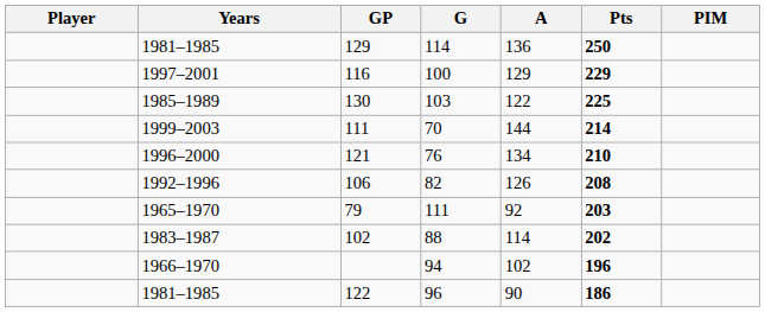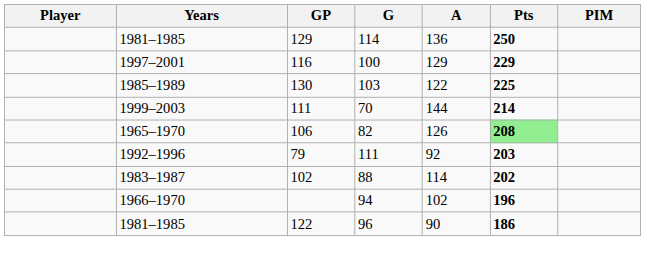 <table class="wikitable sortable" width ="700" cellpadding="1" border="1" cellspacing="0">
 <tr>
 <th>Player</th>
 <th>Years</th>
 <th>GP</th>
 <th>G</th>
 <th>A</th>
 <th>Pts</th>
 <th>PIM</th>
 </tr>
 <tr>
 <td></td>
 <td>1981–1985</td>
 <td>129</td>
 <td>114</td>
 <td>136</td>
 <td><strong>250</strong></td>
 <td></td>
 </tr>
 <tr>
 <td></td>
 <td>1997–2001</td>
 <td>116</td>
 <td>100</td>
 <td>129</td>
 <td><strong>229</strong></td>
 <td></td>
 </tr>
 <tr>
 <td></td>
 <td>1985–1989</td>
 <td>130</td>
 <td>103</td>
 <td>122</td>
 <td><strong>225</strong></td>
 <td></td>
 </tr>
 <tr>
 <td></td>
 <td>1999–2003</td>
 <td>111</td>
 <td>70</td>
 <td>144</td>
 <td><strong>214</strong></td>
 <td></td>
 </tr>
 <tr>
 <td></td>
-<td>1996–2000</td>
-<td>121</td>
-<td>76</td>
-<td>134</td>
-<td><strong>210</strong></td>
+<td>1965–1970</td>
+<td>106</td>
+<td>82</td>
+<td>126</td>
+<td style="background: lightgreen;"><strong>208</strong></td>
 <td></td>
 </tr>
 <tr>
 <td></td>
 <td>1992–1996</td>
-<td>106</td>
-<td>82</td>
-<td>126</td>
-<td><strong>208</strong></td>
-<td></td>
-</tr>
-<tr>
-<td></td>
-<td>1965–1970</td>
 <td>79</td>
 <td>111</td>
 <td>92</td>
 <td><strong>203</strong></td>
 <td></td>
 </tr>
 <tr>
 <td></td>
 <td>1983–1987</td>
 <td>102</td>
 <td>88</td>
 <td>114</td>
 <td><strong>202</strong></td>
 <td></td>
 </tr>
 <tr>
 <td></td>
 <td>1966–1970</td>
 <td></td>
 <td>94</td>
 <td>102</td>
 <td><strong>196</strong></td>
 <td></td>
 </tr>
 <tr>
 <td></td>
 <td>1981–1985</td>
 <td>122</td>
 <td>96</td>
 <td>90</td>
 <td><strong>186</strong></td>
 <td></td>
 </tr>
 </table>
